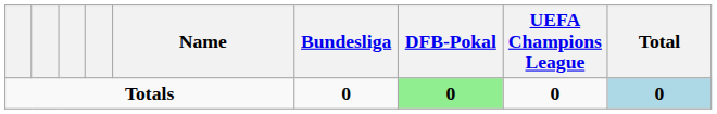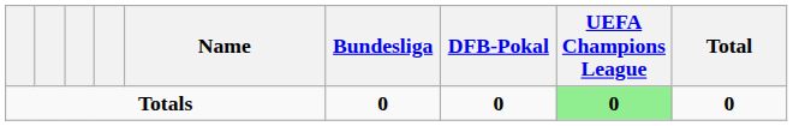 <table class="wikitable" style="text-align:center">
 <tr>
 <th width=15></th>
 <th width=15></th>
 <th width=15></th>
 <th width=15></th>
 <th width=145>Name</th>
 <th width=80><strong><a href='#'>Bundesliga</a></strong></th>
 <th width=80><strong><a href='#'>DFB-Pokal</a></strong></th>
 <th width=80><strong><a href='#'>UEFA Champions League</a></strong></th>
 <th width=80>Total</th>
 </tr>
 <tr>
 <td colspan=5><strong>Totals</strong></td>
 <td><strong>0</strong></td>
+<td><strong>0</strong></td>
 <td style="background: lightgreen;"><strong>0</strong></td>
 <td><strong>0</strong></td>
-<td style="background: lightblue;"><strong>0</strong></td>
 </tr>
 </table>
